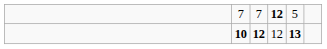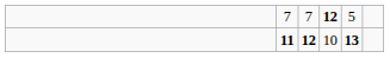 <table class="wikitable">
 <tr>
 <td style="width:18em"></td>
 <td align=center style="width:1em">7</td>
 <td align=center style="width:1em">7</td>
 <td align=center style="width:1em"><strong>12</strong></td>
 <td align=center style="width:1em">5</td>
 <td align=center style="width:1em"></td>
 </tr>
 <tr>
 <td style="width:18em"><strong> </strong></td>
-<td align=center style="width:1em"><strong>10</strong></td>
+<td align=center style="width:1em"><strong>11</strong></td>
 <td align=center style="width:1em"><strong>12</strong></td>
-<td align=center style="width:1em">12</td>
+<td align=center style="width:1em">10</td>
 <td align=center style="width:1em"><strong>13</strong></td>
 <td align=center style="width:1em"></td>
 </tr>
 </table>
